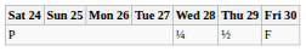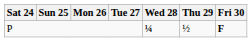 <table class="wikitable olympic-schedule table-tennis">
 <tr>
 <th>Sat 24</th>
 <th colspan=2>Sun 25</th>
 <th>Mon 26</th>
 <th>Tue 27</th>
 <th>Wed 28</th>
 <th colspan=2>Thu 29</th>
 <th>Fri 30</th>
 </tr>
 <tr>
 <td colspan=5 class="prelims">P</td>
-<td class="quarterfinals">¼</td>
+<td class="quarterfinals"><strong>¼</strong></td>
 <td colspan=2 class="semifinals">½</td>
-<td class="final">F</td>
+<td class="final"><strong>F</strong></td>
 </tr>
 </table>
